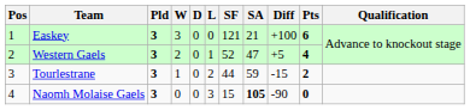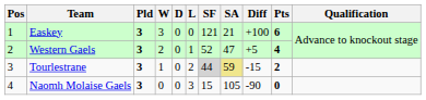 <table class="wikitable">
 <tr>
 <th>Pos</th>
 <th>Team</th>
 <th>Pld</th>
 <th>W</th>
 <th>D</th>
 <th>L</th>
 <th>SF</th>
 <th>SA</th>
 <th>Diff</th>
 <th>Pts</th>
 <th>Qualification</th>
 </tr>
 <tr style="background:#ccffcc">
 <td>1</td>
 <td> <a href='#'>Easkey</a></td>
 <td><strong>3</strong></td>
 <td>3</td>
 <td>0</td>
 <td>0</td>
 <td>121</td>
 <td>21</td>
 <td>+100</td>
 <td><strong>6</strong></td>
 <td rowspan="2">Advance to knockout stage</td>
 </tr>
 <tr style="background:#ccffcc">
 <td>2</td>
 <td> <a href='#'>Western Gaels</a></td>
 <td><strong>3</strong></td>
 <td>2</td>
 <td>0</td>
 <td>1</td>
 <td>52</td>
 <td>47</td>
 <td>+5</td>
 <td><strong>4</strong></td>
 </tr>
 <tr>
 <td>3</td>
 <td> <a href='#'>Tourlestrane</a></td>
 <td><strong>3</strong></td>
 <td>1</td>
 <td>0</td>
 <td>2</td>
-<td>44</td>
-<td>59</td>
+<td style="background: lightgrey;">44</td>
+<td style="background: khaki;">59</td>
 <td>-15</td>
 <td><strong>2</strong></td>
 </tr>
 <tr>
 <td>4</td>
 <td> <a href='#'>Naomh Molaise Gaels</a></td>
 <td><strong>3</strong></td>
 <td>0</td>
 <td>0</td>
 <td>3</td>
 <td>15</td>
-<td><strong>105</strong></td>
+<td>105</td>
 <td>-90</td>
 <td><strong>0</strong></td>
 <td rowspan="2"></td>
 </tr>
 </table>
